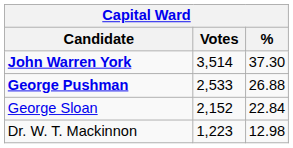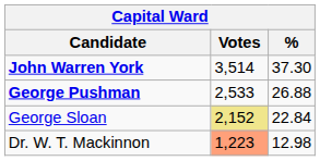 <table class="wikitable">
 <tr>
 <th colspan="3"><a href='#'>Capital Ward</a></th>
 </tr>
 <tr>
 <th style="width: 200px">Candidate</th>
 <th style="width: 50px">Votes</th>
 <th style="width: 40px">%</th>
 </tr>
 <tr>
 <td><strong><a href='#'>John Warren York</a></strong></td>
 <td>3,514</td>
 <td>37.30</td>
 </tr>
 <tr>
 <td><strong><a href='#'>George Pushman</a></strong></td>
 <td>2,533</td>
 <td>26.88</td>
 </tr>
 <tr>
 <td><a href='#'>George Sloan</a></td>
-<td>2,152</td>
+<td style="background: khaki;">2,152</td>
 <td>22.84</td>
 </tr>
 <tr>
 <td>Dr. W. T. Mackinnon</td>
-<td>1,223</td>
+<td style="background: lightsalmon;">1,223</td>
 <td>12.98</td>
 </tr>
 </table>
